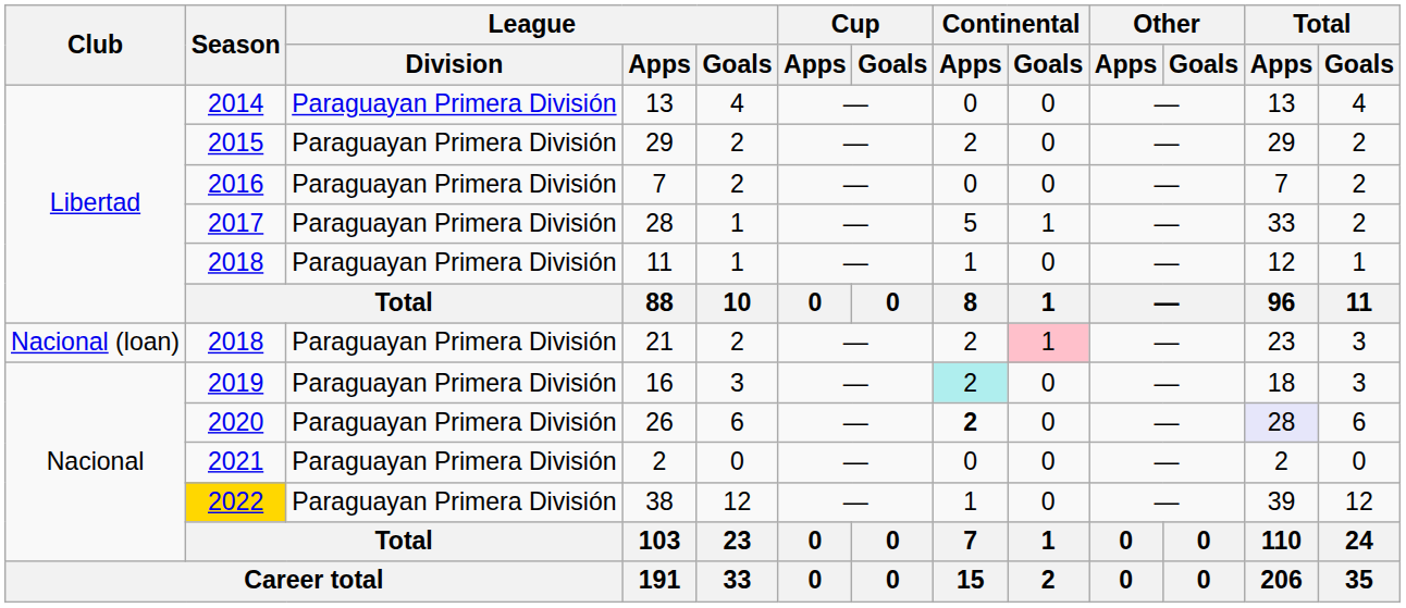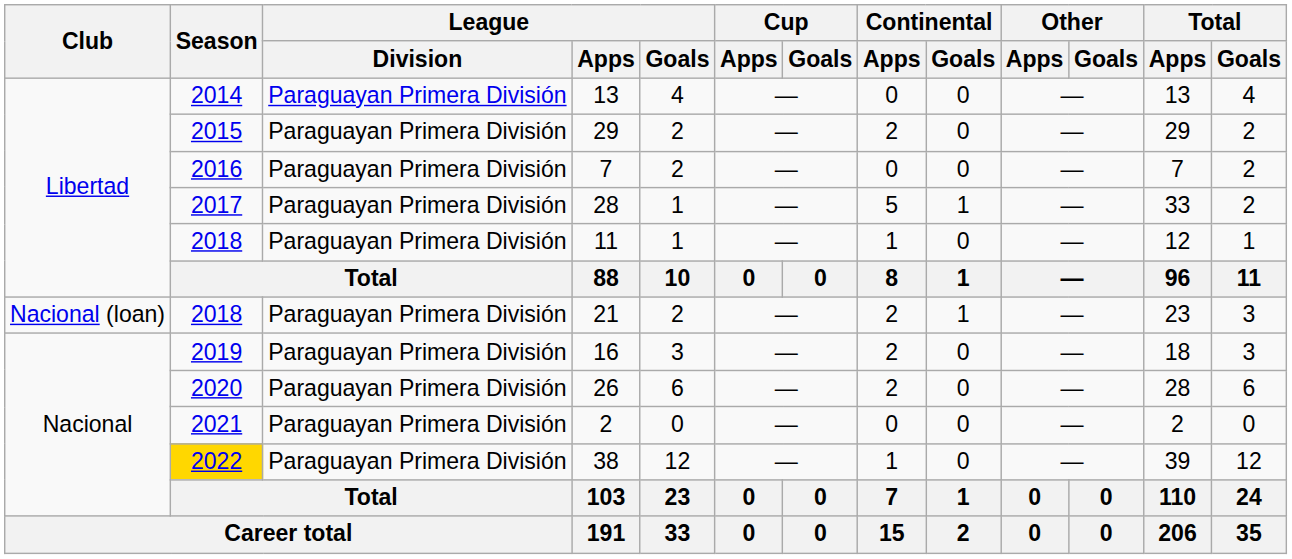 <table class="wikitable" style="text-align: center;">
 <tr>
 <th rowspan="2">Club</th>
 <th rowspan="2">Season</th>
 <th colspan="3">League</th>
 <th colspan="2">Cup</th>
 <th colspan="2">Continental</th>
 <th colspan="2">Other</th>
 <th colspan="2">Total</th>
 </tr>
 <tr>
 <th>Division</th>
 <th>Apps</th>
 <th>Goals</th>
 <th>Apps</th>
 <th>Goals</th>
 <th>Apps</th>
 <th>Goals</th>
 <th>Apps</th>
 <th>Goals</th>
 <th>Apps</th>
 <th>Goals</th>
 </tr>
 <tr>
 <td rowspan="6" valign="center"><a href='#'>Libertad</a></td>
 <td><a href='#'>2014</a></td>
 <td rowspan="1" valign="center"><a href='#'>Paraguayan Primera División</a></td>
 <td>13</td>
 <td>4</td>
 <td colspan=2>—</td>
 <td>0</td>
 <td>0</td>
 <td colspan=2>—</td>
 <td>13</td>
 <td>4</td>
 </tr>
 <tr>
 <td><a href='#'>2015</a></td>
 <td valign="center">Paraguayan Primera División</td>
 <td>29</td>
 <td>2</td>
 <td colspan=2>—</td>
 <td>2</td>
 <td>0</td>
 <td colspan=2>—</td>
 <td>29</td>
 <td>2</td>
 </tr>
 <tr>
 <td><a href='#'>2016</a></td>
 <td valign="center">Paraguayan Primera División</td>
 <td>7</td>
 <td>2</td>
 <td colspan=2>—</td>
 <td>0</td>
 <td>0</td>
 <td colspan=2>—</td>
 <td>7</td>
 <td>2</td>
 </tr>
 <tr>
 <td><a href='#'>2017</a></td>
 <td valign="center">Paraguayan Primera División</td>
 <td>28</td>
 <td>1</td>
 <td colspan=2>—</td>
 <td>5</td>
 <td>1</td>
 <td colspan=2>—</td>
 <td>33</td>
 <td>2</td>
 </tr>
 <tr>
 <td><a href='#'>2018</a></td>
 <td valign="center">Paraguayan Primera División</td>
 <td>11</td>
 <td>1</td>
 <td colspan=2>—</td>
 <td>1</td>
 <td>0</td>
 <td colspan=2>—</td>
 <td>12</td>
 <td>1</td>
 </tr>
 <tr>
 <th colspan="2">Total</th>
 <th>88</th>
 <th>10</th>
 <th>0</th>
 <th>0</th>
 <th>8</th>
 <th>1</th>
 <th colspan=2>—</th>
 <th>96</th>
 <th>11</th>
 </tr>
 <tr>
 <td><a href='#'>Nacional</a> (loan)</td>
 <td><a href='#'>2018</a></td>
 <td valign="center">Paraguayan Primera División</td>
 <td>21</td>
 <td>2</td>
 <td colspan=2>—</td>
 <td>2</td>
-<td style="background: pink;">1</td>
+<td>1</td>
 <td colspan=2>—</td>
 <td>23</td>
 <td>3</td>
 </tr>
 <tr>
 <td rowspan="5">Nacional</td>
 <td><a href='#'>2019</a></td>
 <td valign="center">Paraguayan Primera División</td>
 <td>16</td>
 <td>3</td>
 <td colspan=2>—</td>
-<td style="background: paleturquoise;">2</td>
+<td>2</td>
 <td>0</td>
 <td colspan=2>—</td>
 <td>18</td>
 <td>3</td>
 </tr>
 <tr>
 <td><a href='#'>2020</a></td>
 <td valign="center">Paraguayan Primera División</td>
 <td>26</td>
 <td>6</td>
 <td colspan=2>—</td>
-<td><strong>2</strong></td>
+<td>2</td>
 <td>0</td>
 <td colspan=2>—</td>
-<td style="background: lavender;">28</td>
+<td>28</td>
 <td>6</td>
 </tr>
 <tr>
 <td><a href='#'>2021</a></td>
 <td valign="center">Paraguayan Primera División</td>
 <td>2</td>
 <td>0</td>
 <td colspan=2>—</td>
 <td>0</td>
 <td>0</td>
 <td colspan=2>—</td>
 <td>2</td>
 <td>0</td>
 </tr>
 <tr>
 <td style="background: gold;"><a href='#'>2022</a></td>
 <td valign="center">Paraguayan Primera División</td>
 <td>38</td>
 <td>12</td>
 <td colspan=2>—</td>
 <td>1</td>
 <td>0</td>
 <td colspan=2>—</td>
 <td>39</td>
 <td>12</td>
 </tr>
 <tr>
 <th colspan="2">Total</th>
 <th>103</th>
 <th>23</th>
 <th>0</th>
 <th>0</th>
 <th>7</th>
 <th>1</th>
 <th>0</th>
 <th>0</th>
 <th>110</th>
 <th>24</th>
 </tr>
 <tr>
 <th colspan="3">Career total</th>
 <th>191</th>
 <th>33</th>
 <th>0</th>
 <th>0</th>
 <th>15</th>
 <th>2</th>
 <th>0</th>
 <th>0</th>
 <th>206</th>
 <th>35</th>
 </tr>
 </table>
